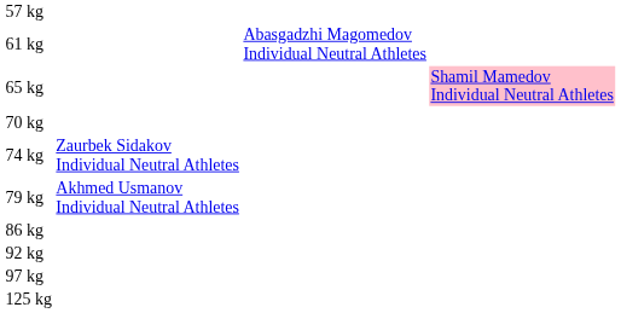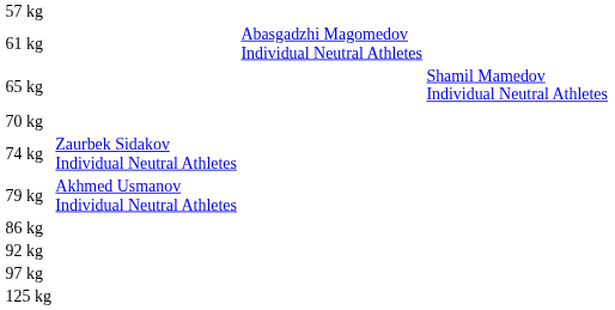 <table>
 <tr>
 <td rowspan=2>57 kg<br></td>
 <td rowspan=2></td>
 <td rowspan=2></td>
 <td></td>
 </tr>
 <tr>
 <td></td>
 </tr>
 <tr>
 <td rowspan=2>61 kg<br></td>
 <td rowspan=2></td>
 <td rowspan=2><a href='#'>Abasgadzhi Magomedov</a><br> <a href='#'>Individual Neutral Athletes</a></td>
 <td></td>
 </tr>
 <tr>
 <td></td>
 </tr>
 <tr>
 <td rowspan=2>65 kg<br></td>
 <td rowspan=2></td>
 <td rowspan=2></td>
-<td style="background: pink;"><a href='#'>Shamil Mamedov</a><br> <a href='#'>Individual Neutral Athletes</a></td>
+<td><a href='#'>Shamil Mamedov</a><br> <a href='#'>Individual Neutral Athletes</a></td>
 </tr>
 <tr>
 <td></td>
 </tr>
 <tr>
 <td rowspan=2>70 kg<br></td>
 <td rowspan=2></td>
 <td rowspan=2></td>
 <td></td>
 </tr>
 <tr>
 <td></td>
 </tr>
 <tr>
 <td rowspan=2>74 kg<br></td>
 <td rowspan=2><a href='#'>Zaurbek Sidakov</a><br> <a href='#'>Individual Neutral Athletes</a></td>
 <td rowspan=2></td>
 <td></td>
 </tr>
 <tr>
 <td></td>
 </tr>
 <tr>
 <td rowspan=2>79 kg<br></td>
 <td rowspan=2><a href='#'>Akhmed Usmanov</a><br> <a href='#'>Individual Neutral Athletes</a></td>
 <td rowspan=2></td>
 <td></td>
 </tr>
 <tr>
 <td></td>
 </tr>
 <tr>
 <td rowspan=2>86 kg<br></td>
 <td rowspan=2></td>
 <td rowspan=2></td>
 <td></td>
 </tr>
 <tr>
 <td></td>
 </tr>
 <tr>
 <td rowspan=2>92 kg<br></td>
 <td rowspan=2></td>
 <td rowspan=2></td>
 <td></td>
 </tr>
 <tr>
 <td></td>
 </tr>
 <tr>
 <td rowspan=2>97 kg<br></td>
 <td rowspan=2></td>
 <td rowspan=2></td>
 <td></td>
 </tr>
 <tr>
 <td></td>
 </tr>
 <tr>
 <td rowspan=2>125 kg<br></td>
 <td rowspan=2></td>
 <td rowspan=2></td>
 <td></td>
 </tr>
 <tr>
 <td></td>
 </tr>
 <tr>
 </tr>
 </table>
